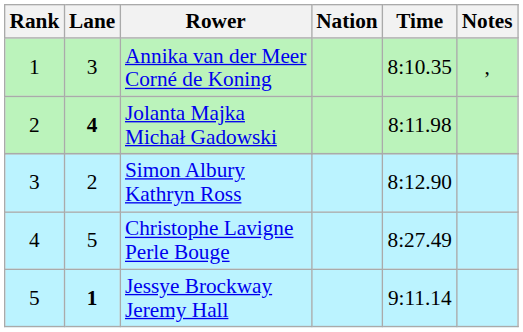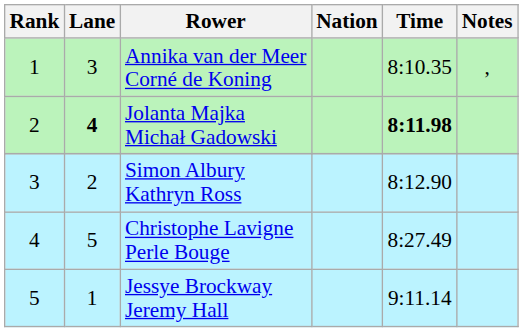 <table class="wikitable sortable" style="text-align:center">
 <tr>
 <th>Rank</th>
 <th>Lane</th>
 <th>Rower</th>
 <th>Nation</th>
 <th>Time</th>
 <th>Notes</th>
 </tr>
 <tr bgcolor=bbf3bb>
 <td>1</td>
 <td>3</td>
 <td align="left"><a href='#'>Annika van der Meer</a><br><a href='#'>Corné de Koning</a></td>
 <td align="left"></td>
 <td>8:10.35</td>
 <td>, </td>
 </tr>
 <tr bgcolor=bbf3bb>
 <td>2</td>
 <td><strong>4</strong></td>
 <td align="left"><a href='#'>Jolanta Majka</a><br><a href='#'>Michał Gadowski</a></td>
 <td align="left"></td>
-<td>8:11.98</td>
+<td><strong>8:11.98</strong></td>
 <td></td>
 </tr>
 <tr bgcolor=bbf3ff>
 </tr>
 <tr bgcolor=bbf3ff>
 <td>3</td>
 <td>2</td>
 <td align="left"><a href='#'>Simon Albury</a><br><a href='#'>Kathryn Ross</a></td>
 <td align="left"></td>
 <td>8:12.90</td>
 <td></td>
 </tr>
 <tr bgcolor=bbf3ff>
 <td>4</td>
 <td>5</td>
 <td align="left"><a href='#'>Christophe Lavigne</a><br><a href='#'>Perle Bouge</a></td>
 <td align="left"></td>
 <td>8:27.49</td>
 <td></td>
 </tr>
 <tr bgcolor=bbf3ff>
 <td>5</td>
-<td><strong>1</strong></td>
+<td>1</td>
 <td align="left"><a href='#'>Jessye Brockway</a><br><a href='#'>Jeremy Hall</a></td>
 <td align="left"></td>
 <td>9:11.14</td>
 <td></td>
 </tr>
 </table>
